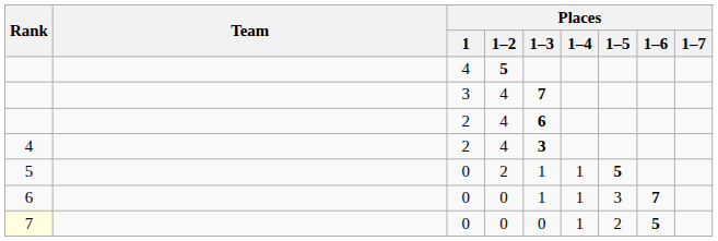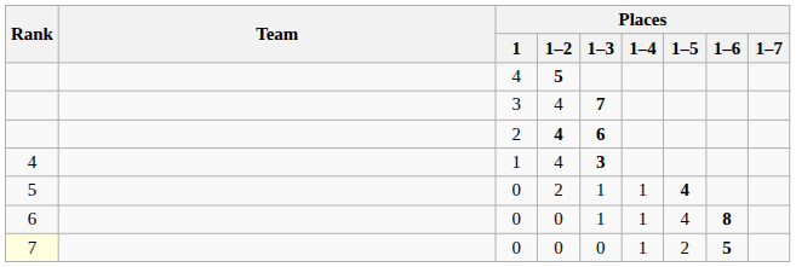 <table class="wikitable" style="text-align:center">
 <tr>
 <th rowspan="2" width=40>Rank</th>
 <th rowspan="2" width=380>Team</th>
 <th colspan="7">Places</th>
 </tr>
 <tr>
 <th width=30>1</th>
 <th width=30>1–2</th>
 <th width=30>1–3</th>
 <th width=30>1–4</th>
 <th width=30>1–5</th>
 <th width=30>1–6</th>
 <th width=30>1–7</th>
 </tr>
 <tr>
 <td></td>
 <td align=left></td>
 <td>4</td>
 <td><strong>5</strong></td>
 <td></td>
 <td></td>
 <td></td>
 <td></td>
 <td></td>
 </tr>
 <tr>
 <td></td>
 <td align=left></td>
 <td>3</td>
 <td>4</td>
 <td><strong>7</strong></td>
 <td></td>
 <td></td>
 <td></td>
 <td></td>
 </tr>
 <tr>
 <td></td>
 <td align=left></td>
 <td>2</td>
-<td>4</td>
+<td><strong>4</strong></td>
 <td><strong>6</strong></td>
 <td></td>
 <td></td>
 <td></td>
 <td></td>
 </tr>
 <tr>
 <td>4</td>
 <td align=left></td>
-<td>2</td>
+<td>1</td>
 <td>4</td>
 <td><strong>3</strong></td>
 <td></td>
 <td></td>
 <td></td>
 <td></td>
 </tr>
 <tr>
 <td>5</td>
 <td align=left></td>
 <td>0</td>
 <td>2</td>
 <td>1</td>
 <td>1</td>
-<td><strong>5</strong></td>
+<td><strong>4</strong></td>
 <td></td>
 <td></td>
 </tr>
 <tr>
 <td>6</td>
 <td align=left></td>
 <td>0</td>
 <td>0</td>
 <td>1</td>
 <td>1</td>
-<td>3</td>
-<td><strong>7</strong></td>
+<td>4</td>
+<td><strong>8</strong></td>
 <td></td>
 </tr>
 <tr>
 <td style="background: lightyellow;">7</td>
 <td align=left></td>
 <td>0</td>
 <td>0</td>
 <td>0</td>
 <td>1</td>
 <td>2</td>
 <td><strong>5</strong></td>
 <td></td>
 </tr>
 </table>
